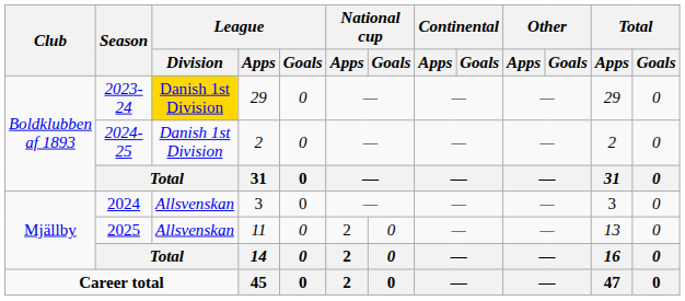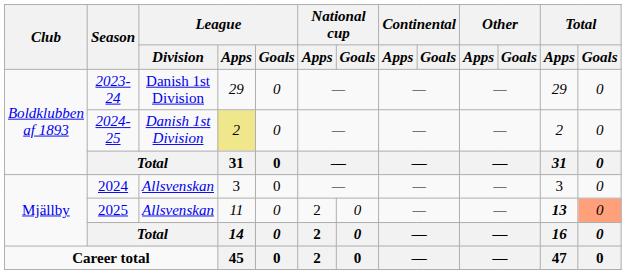 <table class="wikitable" style="text-align: center;">
 <tr>
 <th rowspan="2"><em>Club</em></th>
 <th rowspan="2"><em>Season</em></th>
 <th colspan="3"><em>League</em></th>
 <th colspan="2"><em>National cup</em></th>
 <th colspan="2"><em>Continental</em></th>
 <th colspan="2"><em>Other</em></th>
 <th colspan="2"><em>Total</em></th>
 </tr>
 <tr>
 <th><em>Division</em></th>
 <th><em>Apps</em></th>
 <th><em>Goals</em></th>
 <th><em>Apps</em></th>
 <th><em>Goals</em></th>
 <th><em>Apps</em></th>
 <th><em>Goals</em></th>
 <th><em>Apps</em></th>
 <th><em>Goals</em></th>
 <th><em>Apps</em></th>
 <th><em>Goals</em></th>
 </tr>
 <tr>
 <td rowspan="3"><em><a href='#'>Boldklubben af 1893</a></em></td>
 <td><em><a href='#'>2023-24</a></em></td>
-<td style="background: gold;"><a href='#'>Danish 1st Division</a></td>
+<td><a href='#'>Danish 1st Division</a></td>
 <td><em>29</em></td>
 <td><em>0</em></td>
 <td colspan="2"><em>—</em></td>
 <td colspan="2"><em>—</em></td>
 <td colspan="2"><em>—</em></td>
 <td><em>29</em></td>
 <td><em>0</em></td>
 </tr>
 <tr>
 <td><em><a href='#'>2024-25</a></em></td>
 <td><a href='#'><em>Danish 1st Division</em></a></td>
-<td><em>2</em></td>
+<td style="background: khaki;"><em>2</em></td>
 <td><em>0</em></td>
 <td colspan="2"><em>—</em></td>
 <td colspan="2"><em>—</em></td>
 <td colspan="2"><em>—</em></td>
 <td><em>2</em></td>
 <td><em>0</em></td>
 </tr>
 <tr>
 <th colspan="2"><em>Total</em></th>
 <th>31</th>
 <th>0</th>
 <th colspan="2"><em>—</em></th>
 <th colspan="2"><em>—</em></th>
 <th colspan="2"><em>—</em></th>
 <th><em>31</em></th>
 <th><em>0</em></th>
 </tr>
 <tr>
 <td rowspan="3"><a href='#'>Mjällby</a></td>
 <td><a href='#'>2024</a></td>
 <td><em><a href='#'>Allsvenskan</a></em></td>
 <td>3</td>
 <td>0</td>
 <td colspan="2"><em>—</em></td>
 <td colspan="2"><em>—</em></td>
 <td colspan="2"><em>—</em></td>
 <td>3</td>
 <td><em>0</em></td>
 </tr>
 <tr>
 <td><a href='#'>2025</a></td>
 <td><em><a href='#'>Allsvenskan</a></em></td>
 <td><em>11</em></td>
 <td><em>0</em></td>
 <td>2</td>
 <td><em>0</em></td>
 <td colspan="2"><em>—</em></td>
 <td colspan="2"><em>—</em></td>
-<td><em>13</em></td>
-<td><em>0</em></td>
+<td><strong><em>13</em></strong></td>
+<td style="background: lightsalmon;"><em>0</em></td>
 </tr>
 <tr>
 <th colspan="2"><em>Total</em></th>
 <th><em>14</em></th>
 <th><em>0</em></th>
 <th>2</th>
 <th><em>0</em></th>
 <th colspan="2"><em>—</em></th>
 <th colspan="2"><em>—</em></th>
 <th><em>16</em></th>
 <th><em>0</em></th>
 </tr>
 <tr>
 <td colspan="3"><strong>Career total</strong></td>
 <th>45</th>
 <th>0</th>
 <th>2</th>
 <th>0</th>
 <th colspan="2"><em>—</em></th>
 <th colspan="2"><em>—</em></th>
 <th>47</th>
 <th>0</th>
 </tr>
 </table>
